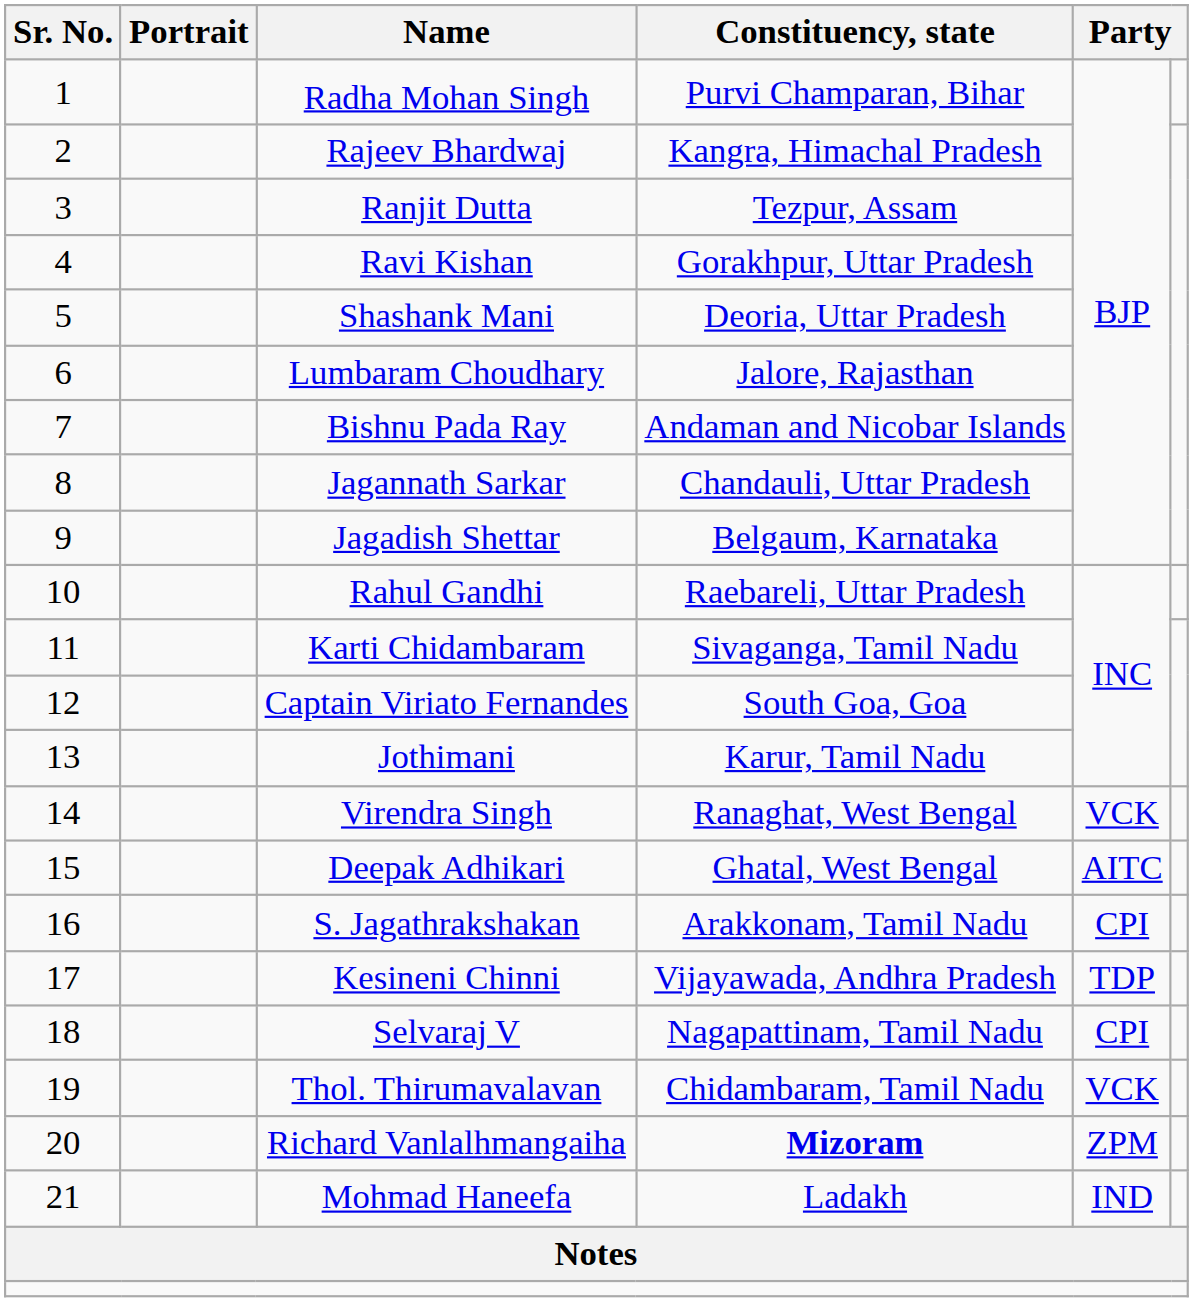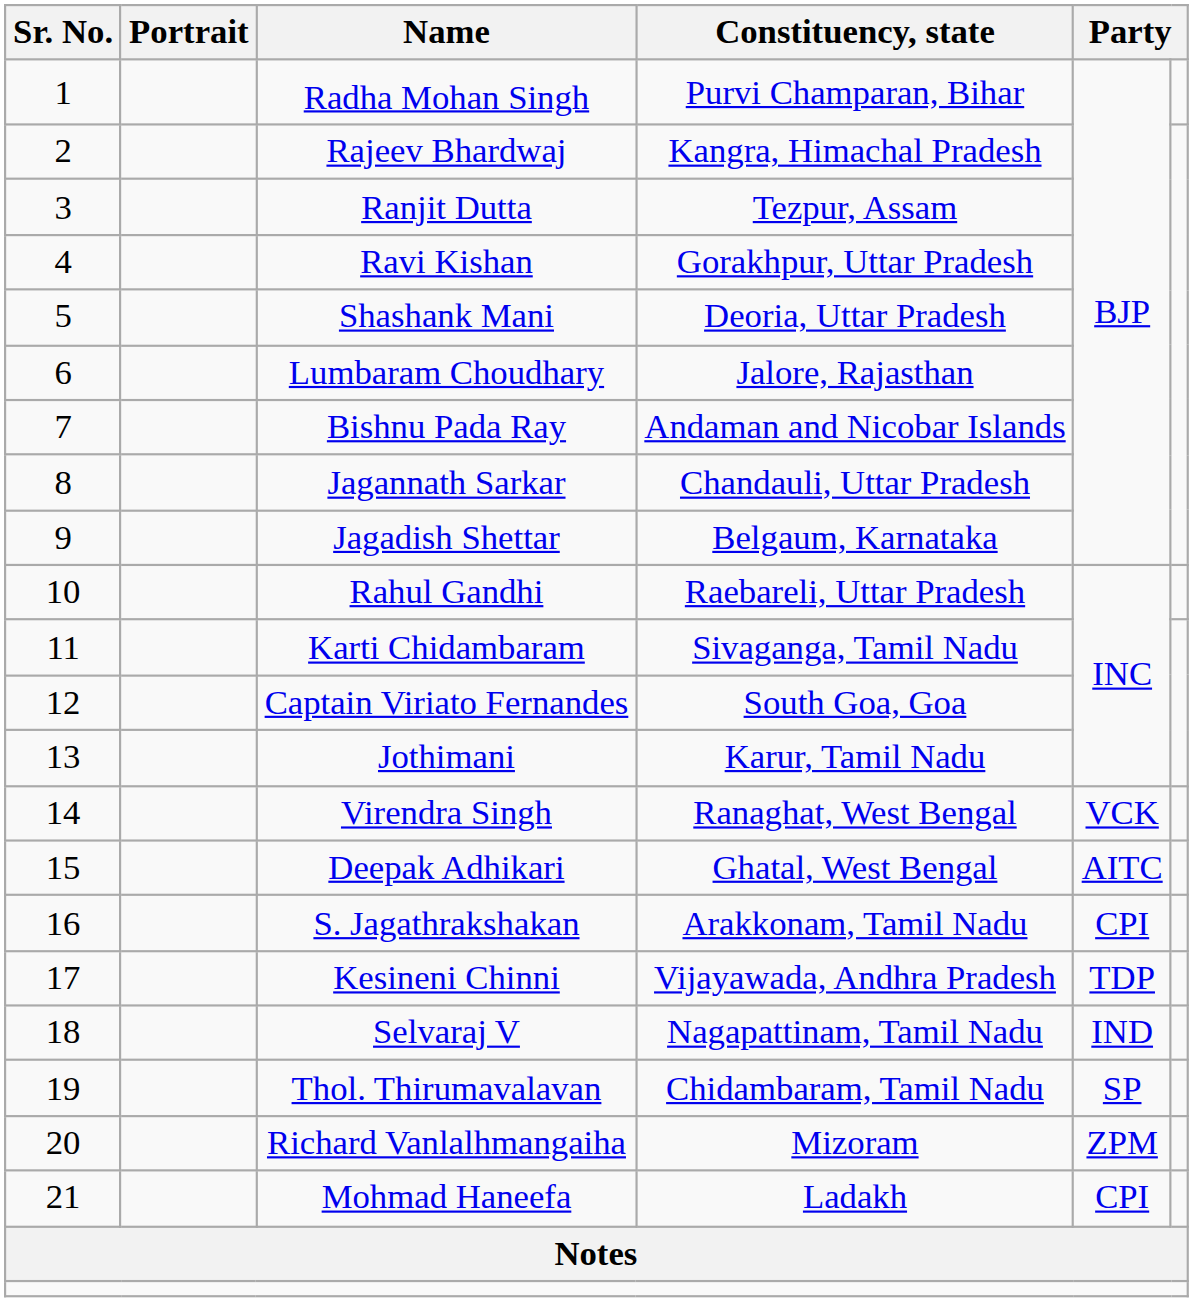 <table class="wikitable">
 <tr>
 <th>Sr. No.</th>
 <th>Portrait</th>
 <th>Name</th>
 <th>Constituency, state</th>
 <th colspan="2">Party</th>
 </tr>
 <tr align="center">
 <td>1</td>
 <td></td>
 <td><a href='#'>Radha Mohan Singh</a><sup></sup></td>
 <td><a href='#'>Purvi Champaran, Bihar</a></td>
 <td rowspan="9"><a href='#'>BJP</a></td>
 <td></td>
 </tr>
 <tr align="center">
 <td>2</td>
 <td></td>
 <td><a href='#'>Rajeev Bhardwaj</a></td>
 <td><a href='#'>Kangra, Himachal Pradesh</a></td>
 </tr>
 <tr align="center">
 <td>3</td>
 <td></td>
 <td><a href='#'>Ranjit Dutta</a></td>
 <td><a href='#'>Tezpur, Assam</a></td>
 </tr>
 <tr align="center">
 <td>4</td>
 <td></td>
 <td><a href='#'>Ravi Kishan</a></td>
 <td><a href='#'>Gorakhpur, Uttar Pradesh</a></td>
 </tr>
 <tr align="center">
 <td>5</td>
 <td></td>
 <td><a href='#'>Shashank Mani</a></td>
 <td><a href='#'>Deoria, Uttar Pradesh</a></td>
 </tr>
 <tr align="center">
 <td>6</td>
 <td></td>
 <td><a href='#'>Lumbaram Choudhary</a></td>
 <td><a href='#'>Jalore, Rajasthan</a></td>
 </tr>
 <tr align="center">
 <td>7</td>
 <td></td>
 <td><a href='#'>Bishnu Pada Ray</a></td>
 <td><a href='#'>Andaman and Nicobar Islands</a></td>
 </tr>
 <tr align="center">
 <td>8</td>
 <td></td>
 <td><a href='#'>Jagannath Sarkar</a></td>
 <td><a href='#'>Chandauli, Uttar Pradesh</a></td>
 </tr>
 <tr align="center">
 <td>9</td>
 <td></td>
 <td><a href='#'>Jagadish Shettar</a></td>
 <td><a href='#'>Belgaum, Karnataka</a></td>
 </tr>
 <tr align="center">
 <td>10</td>
 <td></td>
 <td><a href='#'>Rahul Gandhi</a></td>
 <td><a href='#'>Raebareli, Uttar Pradesh</a></td>
 <td rowspan="4"><a href='#'>INC</a></td>
 <td></td>
 </tr>
 <tr align="center">
 <td>11</td>
 <td></td>
 <td><a href='#'>Karti Chidambaram</a></td>
 <td><a href='#'>Sivaganga, Tamil Nadu</a></td>
 </tr>
 <tr align="center">
 <td>12</td>
 <td></td>
 <td><a href='#'>Captain Viriato Fernandes</a></td>
 <td><a href='#'>South Goa, Goa</a></td>
 </tr>
 <tr align="center">
 <td>13</td>
 <td></td>
 <td><a href='#'>Jothimani</a></td>
 <td><a href='#'>Karur, Tamil Nadu</a></td>
 </tr>
 <tr align="center">
 <td>14</td>
 <td></td>
 <td><a href='#'>Virendra Singh</a></td>
 <td><a href='#'>Ranaghat, West Bengal</a></td>
 <td><a href='#'>VCK</a></td>
 <td></td>
 </tr>
 <tr align="center">
 <td>15</td>
 <td></td>
 <td><a href='#'>Deepak Adhikari</a></td>
 <td><a href='#'>Ghatal, West Bengal</a></td>
 <td><a href='#'>AITC</a></td>
 <td></td>
 </tr>
 <tr align="center">
 <td>16</td>
 <td></td>
 <td><a href='#'>S. Jagathrakshakan</a></td>
 <td><a href='#'>Arakkonam, Tamil Nadu</a></td>
 <td><a href='#'>CPI</a></td>
 <td></td>
 </tr>
 <tr align="center">
 <td>17</td>
 <td></td>
 <td><a href='#'>Kesineni Chinni</a></td>
 <td><a href='#'>Vijayawada, Andhra Pradesh</a></td>
 <td><a href='#'>TDP</a></td>
 <td></td>
 </tr>
 <tr align="center">
 <td>18</td>
 <td></td>
 <td><a href='#'>Selvaraj V</a></td>
 <td><a href='#'>Nagapattinam, Tamil Nadu</a></td>
-<td><a href='#'>CPI</a></td>
+<td><a href='#'>IND</a></td>
 <td></td>
 </tr>
 <tr align="center">
 <td>19</td>
 <td></td>
 <td><a href='#'>Thol. Thirumavalavan</a></td>
 <td><a href='#'>Chidambaram, Tamil Nadu</a></td>
-<td><a href='#'>VCK</a></td>
+<td><a href='#'>SP</a></td>
 <td></td>
 </tr>
 <tr align="center">
 <td>20</td>
 <td></td>
 <td><a href='#'>Richard Vanlalhmangaiha</a></td>
-<td><strong><a href='#'>Mizoram</a></strong></td>
+<td><a href='#'>Mizoram</a></td>
 <td><a href='#'>ZPM</a></td>
 <td></td>
 </tr>
 <tr align="center">
 <td>21</td>
 <td></td>
 <td><a href='#'>Mohmad Haneefa</a></td>
 <td><a href='#'>Ladakh</a></td>
-<td><a href='#'>IND</a></td>
+<td><a href='#'>CPI</a></td>
 <td></td>
 </tr>
 <tr align="center">
 <th colspan="6">Notes</th>
 </tr>
 <tr align="center">
 <td colspan="6"></td>
 </tr>
 </table>
